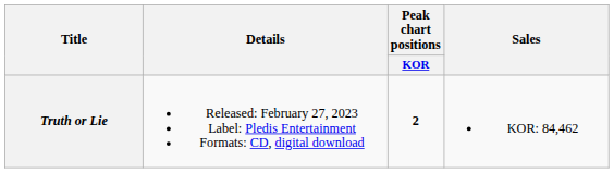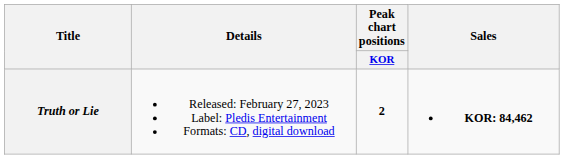 <table class="wikitable plainrowheaders" style="text-align:center;">
 <tr>
 <th scope="col" rowspan="2" style="width:10em;">Title</th>
 <th scope="col" rowspan="2" style="width:18em;">Details</th>
 <th scope="col">Peak chart positions</th>
 <th scope="col" rowspan="2" style="width:12em;">Sales</th>
 </tr>
 <tr>
 <th scope="col" style="width:3em;font-size:90%;"><a href='#'>KOR</a><br></th>
 </tr>
 <tr>
 <th scope="row"><em>Truth or Lie</em></th>
 <td><br><ul><li>Released: February 27, 2023</li><li>Label: <a href='#'>Pledis Entertainment</a></li><li>Formats: <a href='#'>CD</a>, <a href='#'>digital download</a></li></ul></td>
 <td><strong>2</strong></td>
-<td><br><ul><li>KOR: 84,462</li></ul></td>
+<td><strong><br><ul><li>KOR: 84,462</li></ul></strong></td>
 </tr>
 </table>
